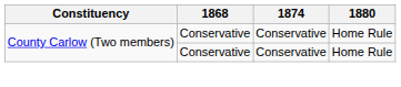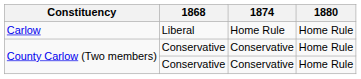 <table class="wikitable">
 <tr>
 <th>Constituency</th>
 <th>1868</th>
 <th>1874</th>
 <th>1880</th>
+</tr>
+<tr>
+<td><a href='#'>Carlow</a></td>
+<td>Liberal</td>
+<td>Home Rule</td>
+<td>Home Rule</td>
 </tr>
 <tr>
 <td rowspan="2"><a href='#'>County Carlow</a> (Two members)</td>
 <td>Conservative</td>
 <td>Conservative</td>
 <td>Home Rule</td>
 </tr>
 <tr>
 <td>Conservative</td>
 <td>Conservative</td>
 <td>Home Rule</td>
 </tr>
 </table>
